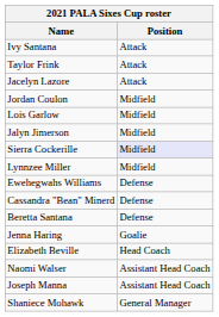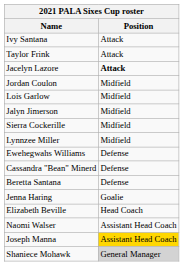 <table class="wikitable collapsible collapsed" style="font-size: 90%">
 <tr>
 <th colspan="5">2021 PALA Sixes Cup roster</th>
 </tr>
 <tr>
 <th>Name</th>
 <th>Position</th>
 </tr>
 <tr>
 <td>Ivy Santana</td>
 <td>Attack</td>
 </tr>
 <tr>
 <td>Taylor Frink</td>
 <td>Attack</td>
 </tr>
 <tr>
 <td>Jacelyn Lazore</td>
-<td>Attack</td>
+<td><strong>Attack</strong></td>
 </tr>
 <tr>
 <td>Jordan Coulon</td>
 <td>Midfield</td>
 </tr>
 <tr>
 <td>Lois Garlow</td>
 <td>Midfield</td>
 </tr>
 <tr>
 <td>Jalyn Jimerson</td>
 <td>Midfield</td>
 </tr>
 <tr>
 <td>Sierra Cockerille</td>
-<td style="background: lavender;">Midfield</td>
+<td>Midfield</td>
 </tr>
 <tr>
 <td>Lynnzee Miller</td>
 <td>Midfield</td>
 </tr>
 <tr>
 <td>Ewehegwahs Williams</td>
 <td>Defense</td>
 </tr>
 <tr>
 <td>Cassandra "Bean" Minerd</td>
 <td>Defense</td>
 </tr>
 <tr>
 <td>Beretta Santana</td>
 <td>Defense</td>
 </tr>
 <tr>
 <td>Jenna Haring</td>
 <td>Goalie</td>
 </tr>
 <tr>
 <td>Elizabeth Beville</td>
 <td>Head Coach</td>
 </tr>
 <tr>
 <td>Naomi Walser</td>
 <td>Assistant Head Coach</td>
 </tr>
 <tr>
 <td>Joseph Manna</td>
-<td>Assistant Head Coach</td>
+<td style="background: gold;">Assistant Head Coach</td>
 </tr>
 <tr>
 <td>Shaniece Mohawk</td>
-<td>General Manager</td>
+<td style="background: lightgrey;">General Manager</td>
 </tr>
 </table>
